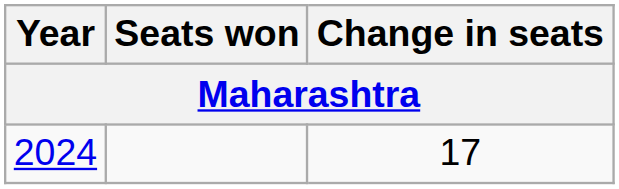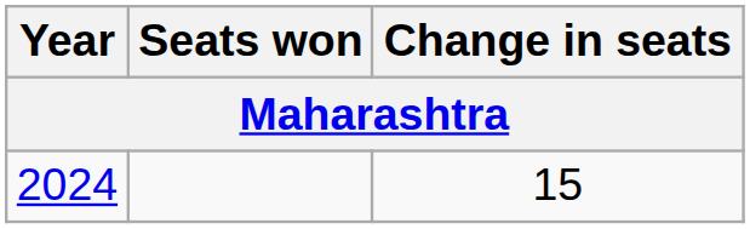 <table class="wikitable sortable">
 <tr>
 <th style="background-color:">Year</th>
 <th style="background-color:">Seats won</th>
 <th style="background-color:">Change in seats</th>
 </tr>
 <tr>
 <th colspan="3"><a href='#'>Maharashtra</a></th>
 </tr>
 <tr style="text-align:center;">
 <td><a href='#'>2024</a></td>
 <td></td>
-<td>17</td>
+<td>15</td>
 </tr>
 </table>
